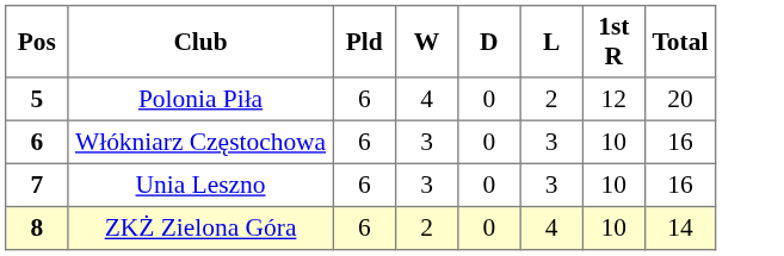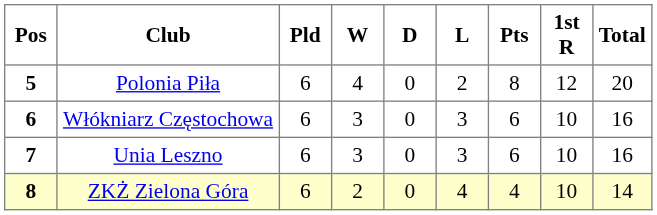 <table class="toccolours" border="1" cellpadding="4" cellspacing="0" style="border-collapse: collapse; margin:0;">
 <tr>
 <th width=30>Pos</th>
 <th>Club</th>
 <th width=30>Pld</th>
 <th width=30>W</th>
 <th width=30>D</th>
 <th width=30>L</th>
+<th width=30>Pts</th>
 <th width=30>1st R</th>
 <th width=30>Total</th>
 </tr>
 <tr align=center>
 <th>5</th>
 <td><a href='#'>Polonia Piła</a></td>
 <td>6</td>
 <td>4</td>
 <td>0</td>
 <td>2</td>
+<td>8</td>
 <td>12</td>
 <td>20</td>
 </tr>
 <tr align=center>
 <th>6</th>
 <td><a href='#'>Włókniarz Częstochowa</a></td>
 <td>6</td>
 <td>3</td>
 <td>0</td>
 <td>3</td>
+<td>6</td>
 <td>10</td>
 <td>16</td>
 </tr>
 <tr align=center>
 <th>7</th>
 <td><a href='#'>Unia Leszno</a></td>
 <td>6</td>
 <td>3</td>
 <td>0</td>
 <td>3</td>
+<td>6</td>
 <td>10</td>
 <td>16</td>
 </tr>
 <tr align=center style="background: #ffffcc; |">
 <th>8</th>
 <td><a href='#'>ZKŻ Zielona Góra</a></td>
 <td>6</td>
 <td>2</td>
 <td>0</td>
 <td>4</td>
+<td>4</td>
 <td>10</td>
 <td>14</td>
 </tr>
 </table>
